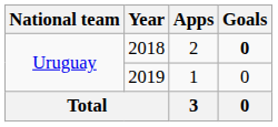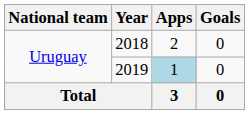 <table class="wikitable" style="text-align:center">
 <tr>
 <th>National team</th>
 <th>Year</th>
 <th>Apps</th>
 <th>Goals</th>
 </tr>
 <tr>
 <td rowspan="2"><a href='#'>Uruguay</a></td>
 <td>2018</td>
 <td>2</td>
-<td><strong>0</strong></td>
+<td>0</td>
 </tr>
 <tr>
 <td>2019</td>
-<td>1</td>
+<td style="background: lightblue;">1</td>
 <td>0</td>
 </tr>
 <tr>
 <th colspan="2">Total</th>
 <th>3</th>
 <th>0</th>
 </tr>
 </table>
